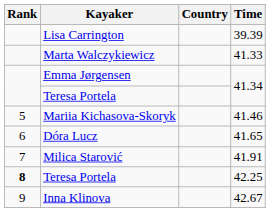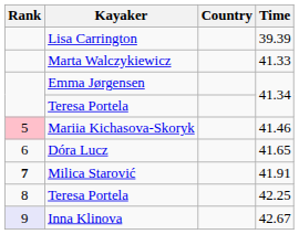 <table class="wikitable" style="text-align:center">
 <tr>
 <th>Rank</th>
 <th>Kayaker</th>
 <th>Country</th>
 <th>Time</th>
 </tr>
 <tr>
 <td></td>
 <td align="left"><a href='#'>Lisa Carrington</a></td>
 <td align="left"></td>
 <td>39.39</td>
 </tr>
 <tr>
 <td></td>
 <td align="left"><a href='#'>Marta Walczykiewicz</a></td>
 <td align="left"></td>
 <td>41.33</td>
 </tr>
 <tr>
 <td rowspan=2></td>
 <td align="left"><a href='#'>Emma Jørgensen</a></td>
 <td align="left"></td>
 <td rowspan=2>41.34</td>
 </tr>
 <tr>
 <td align="left"><a href='#'>Teresa Portela</a></td>
 <td align="left"></td>
 </tr>
 <tr>
-<td>5</td>
+<td style="background: pink;">5</td>
 <td align="left"><a href='#'>Mariia Kichasova-Skoryk</a></td>
 <td align="left"></td>
 <td>41.46</td>
 </tr>
 <tr>
 <td>6</td>
 <td align="left"><a href='#'>Dóra Lucz</a></td>
 <td align="left"></td>
 <td>41.65</td>
 </tr>
 <tr>
-<td>7</td>
+<td><strong>7</strong></td>
 <td align="left"><a href='#'>Milica Starović</a></td>
 <td align="left"></td>
 <td>41.91</td>
 </tr>
 <tr>
-<td><strong>8</strong></td>
+<td>8</td>
 <td align="left"><a href='#'>Teresa Portela</a></td>
 <td align="left"></td>
 <td>42.25</td>
 </tr>
 <tr>
-<td>9</td>
+<td style="background: lavender;">9</td>
 <td align="left"><a href='#'>Inna Klinova</a></td>
 <td align="left"></td>
 <td>42.67</td>
 </tr>
 </table>
